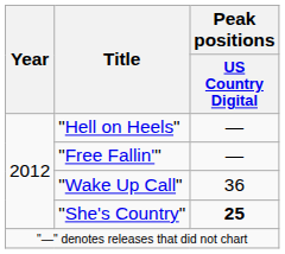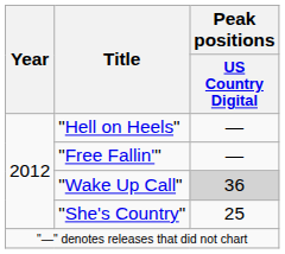 <table class="wikitable" style="text-align:center;">
 <tr>
 <th rowspan="2">Year</th>
 <th rowspan="2">Title</th>
 <th>Peak<br>positions</th>
 </tr>
 <tr style="font-size:smaller;">
 <th style="width:45px;"><a href='#'>US Country Digital</a><br></th>
 </tr>
 <tr>
 <td rowspan="4">2012</td>
 <td style="text-align:left;">"<a href='#'>Hell on Heels</a>"</td>
 <td>—</td>
 </tr>
 <tr>
 <td style="text-align:left;">"<a href='#'>Free Fallin'</a>"</td>
 <td>—</td>
 </tr>
 <tr>
 <td style="text-align:left;">"<a href='#'>Wake Up Call</a>"</td>
-<td>36</td>
+<td style="background: lightgrey;">36</td>
 </tr>
 <tr>
 <td style="text-align:left;">"<a href='#'>She's Country</a>"</td>
-<td><strong>25</strong></td>
+<td>25</td>
 </tr>
 <tr>
 <td colspan="3" style="font-size:8pt">"—" denotes releases that did not chart</td>
 </tr>
 </table>
